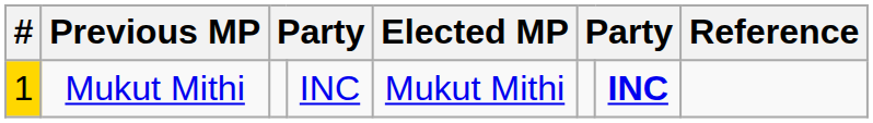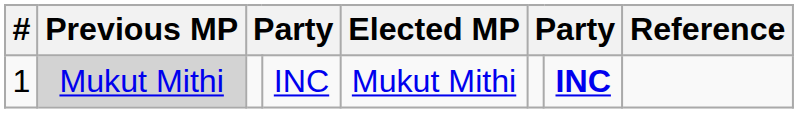 <table class="wikitable">
 <tr>
 <th>#</th>
 <th>Previous MP</th>
 <th colspan=2>Party</th>
 <th>Elected MP</th>
 <th colspan=2>Party</th>
 <th>Reference</th>
 </tr>
 <tr style="text-align:center;">
-<td style="background: gold;">1</td>
-<td><a href='#'>Mukut Mithi</a></td>
+<td>1</td>
+<td style="background: lightgrey;"><a href='#'>Mukut Mithi</a></td>
 <td></td>
 <td><a href='#'>INC</a></td>
 <td><a href='#'>Mukut Mithi</a></td>
 <td></td>
 <td><strong><a href='#'>INC</a></strong></td>
 <td rowspan=1></td>
 </tr>
 </table>
